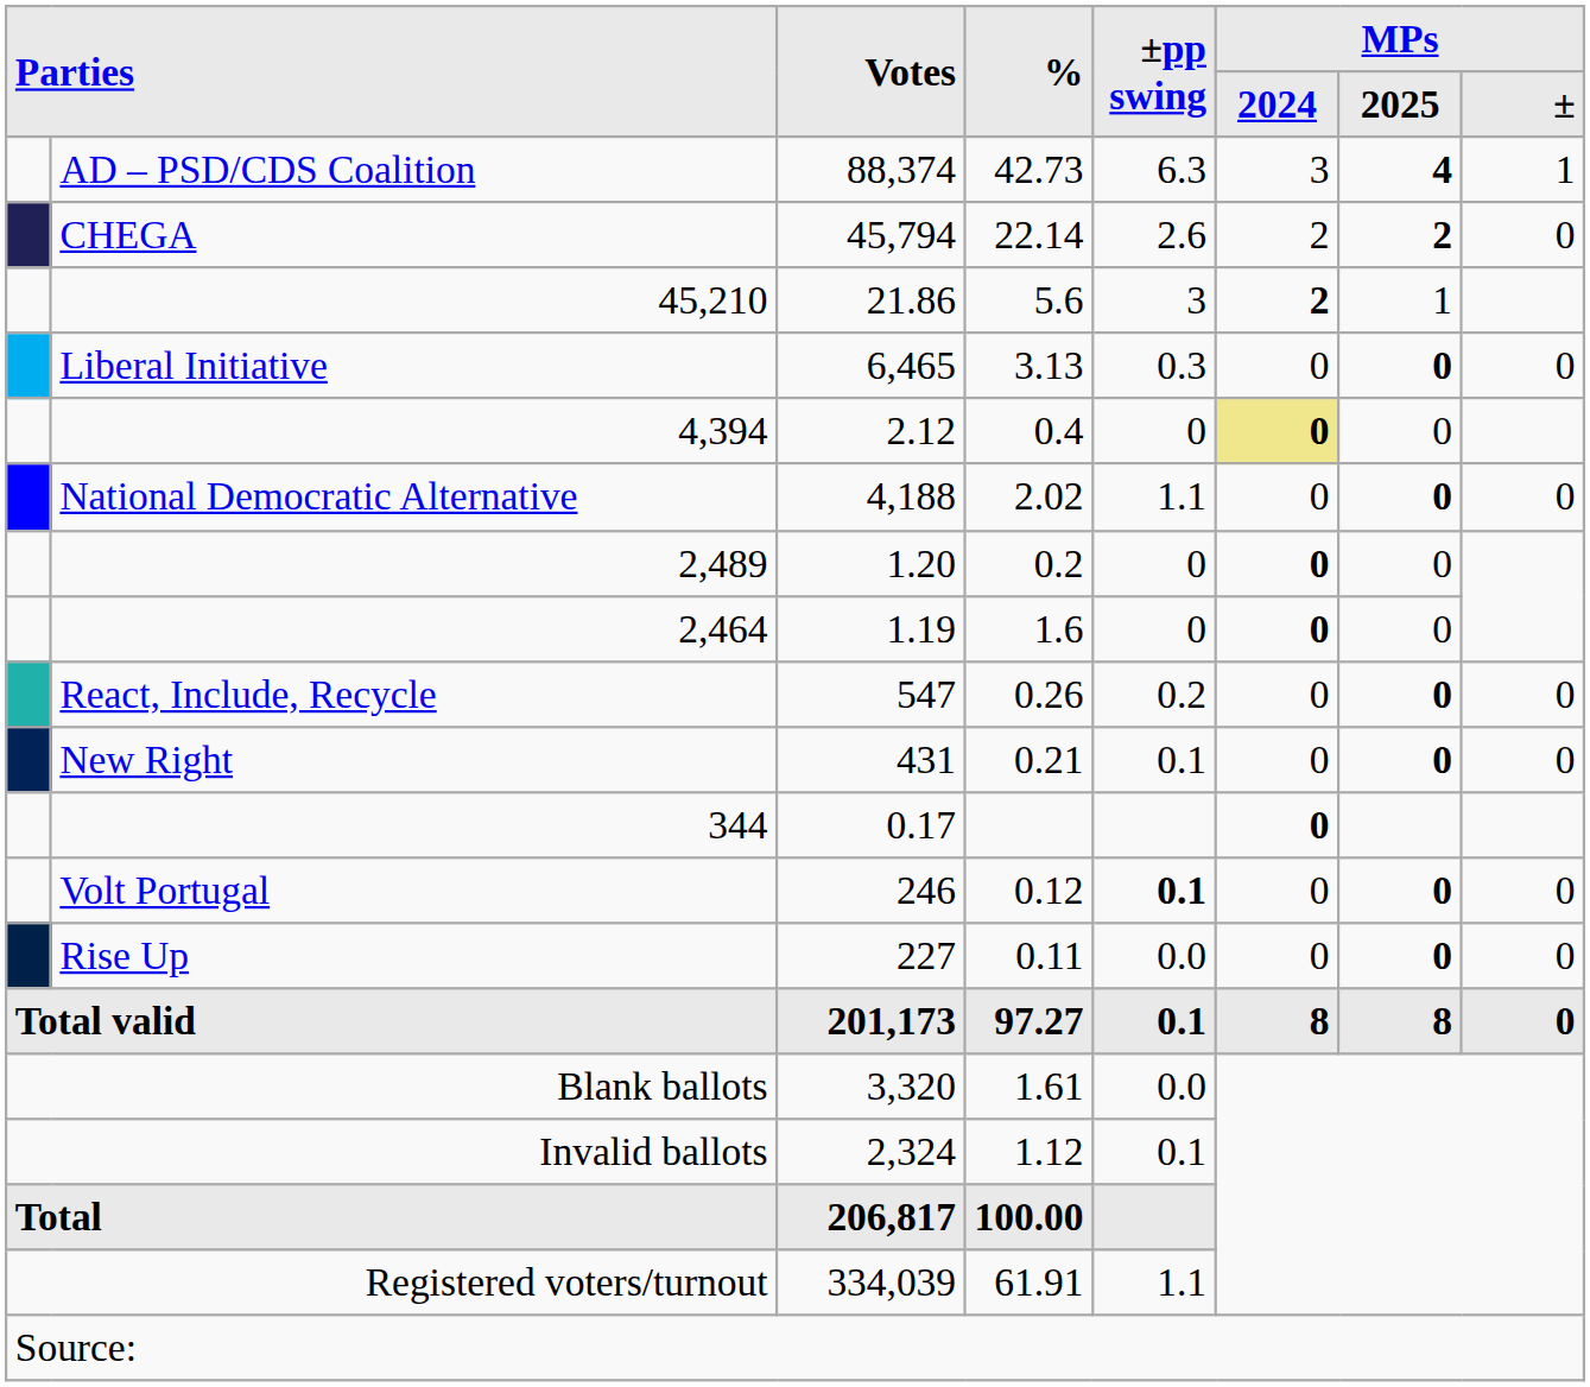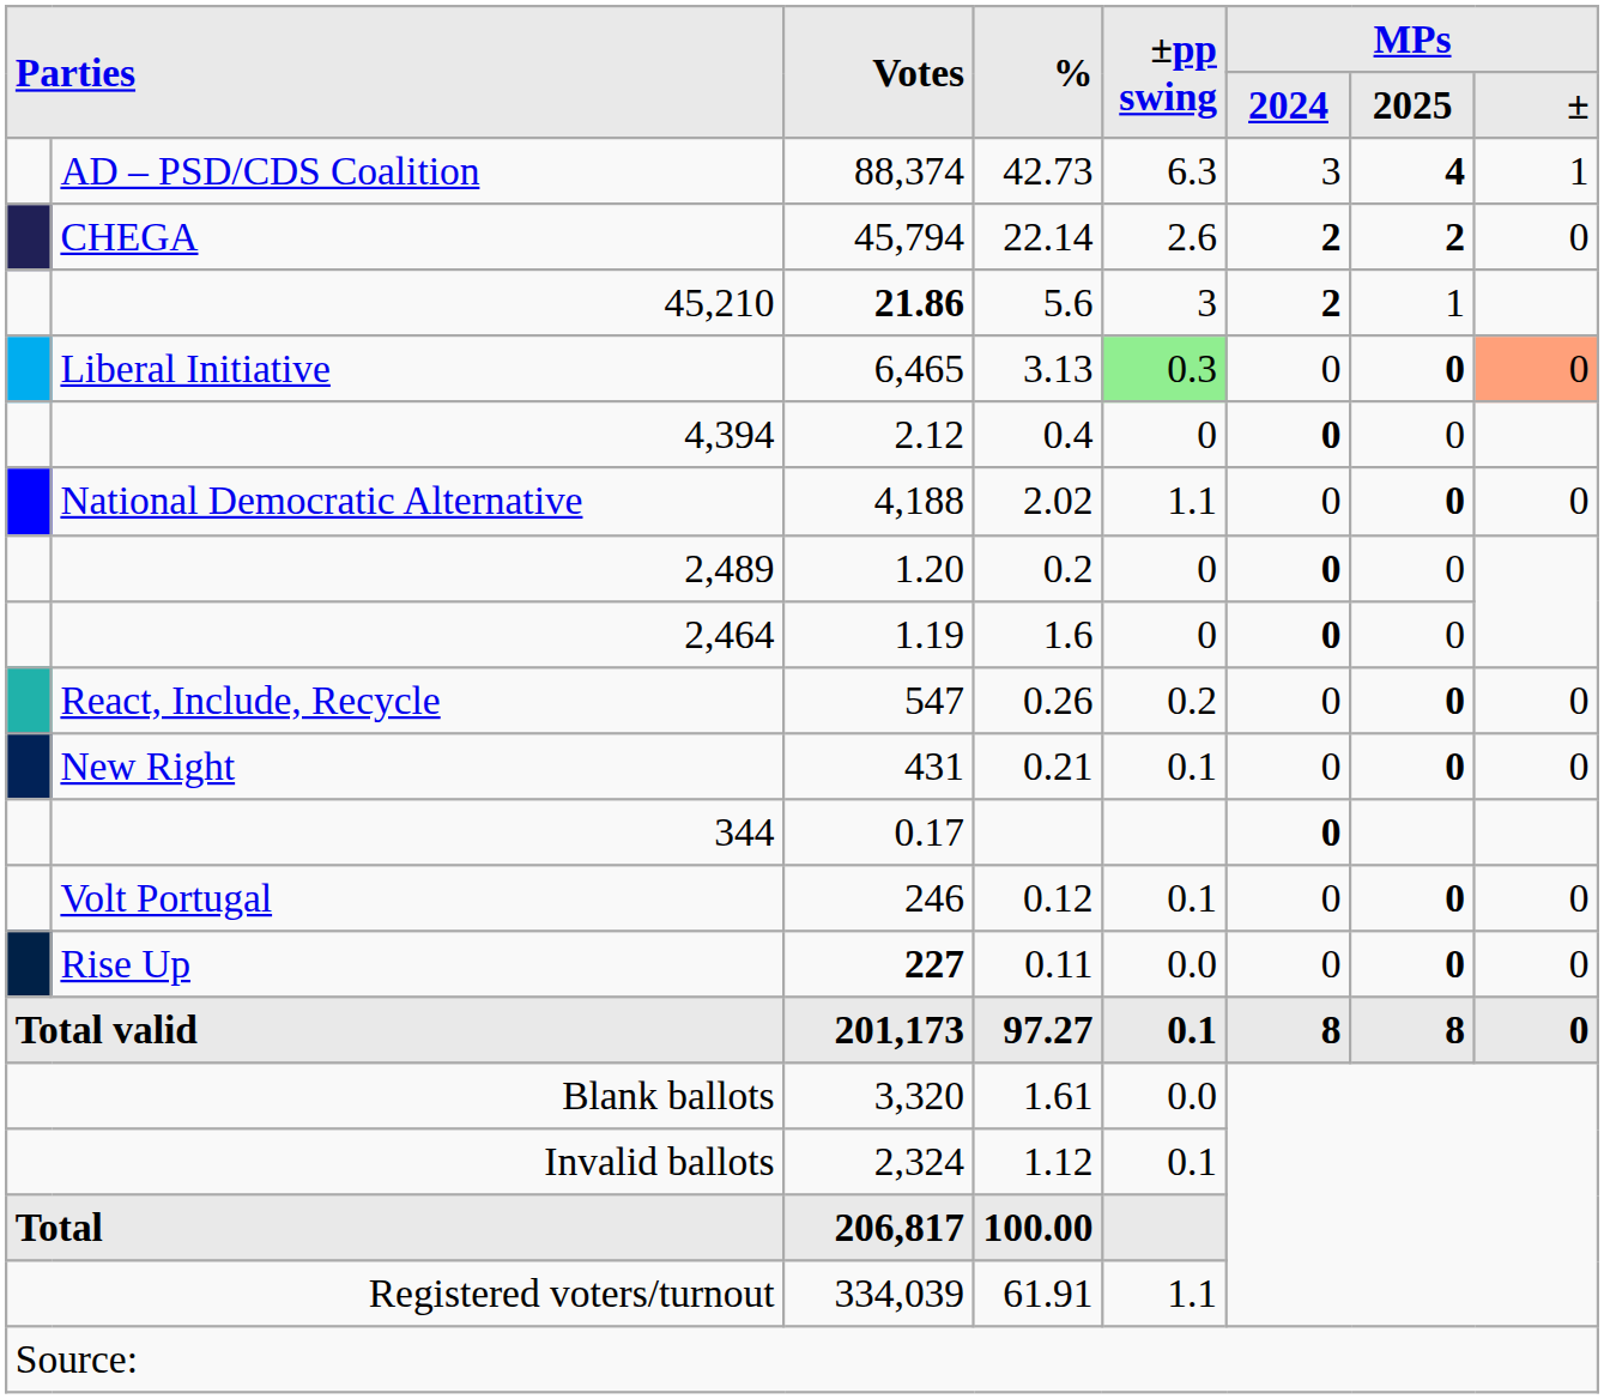 <table class="wikitable" style="text-align:right; font-size:95%;">
 <tr>
 <th rowspan="2" colspan="2" style="background:#e9e9e9; text-align:left;" alignleft><a href='#'>Parties</a></th>
 <th rowspan="2" style="background:#e9e9e9; text-align:right;">Votes</th>
 <th rowspan="2" style="background:#e9e9e9; text-align:right;">%</th>
 <th rowspan="2" style="background:#e9e9e9; text-align:right;">±<a href='#'>pp</a> <a href='#'>swing</a></th>
 <th colspan="3" style="background:#e9e9e9; text-align:center;"><a href='#'>MPs</a></th>
 </tr>
 <tr style="background-color:#E9E9E9">
 <th style="background-color:#E9E9E9;text-align:center;"><a href='#'>2024</a></th>
 <th style="background-color:#E9E9E9;text-align:center;">2025</th>
 <th style="background:#e9e9e9; text-align:right;">±</th>
 </tr>
 <tr>
 <td style="width: 10px" bgcolor=></td>
 <td align="left"><a href='#'>AD – PSD/CDS Coalition</a> </td>
 <td>88,374</td>
 <td>42.73</td>
 <td>6.3</td>
 <td>3</td>
 <td><strong>4</strong></td>
 <td>1</td>
 </tr>
 <tr>
 <td style="width: 10px" bgcolor="#202056" align="center"></td>
 <td align="left"><a href='#'>CHEGA</a></td>
 <td>45,794</td>
 <td>22.14</td>
 <td>2.6</td>
-<td>2</td>
+<td><strong>2</strong></td>
 <td><strong>2</strong></td>
 <td>0</td>
 </tr>
 <tr>
 <td></td>
 <td>45,210</td>
-<td>21.86</td>
+<td><strong>21.86</strong></td>
 <td>5.6</td>
 <td>3</td>
 <td><strong>2</strong></td>
 <td>1</td>
 </tr>
 <tr>
 <td style="width: 10px" bgcolor="#00ADEF" align="center"></td>
 <td align="left"><a href='#'>Liberal Initiative</a></td>
 <td>6,465</td>
 <td>3.13</td>
-<td>0.3</td>
+<td style="background: lightgreen;">0.3</td>
 <td>0</td>
 <td><strong>0</strong></td>
-<td>0</td>
+<td style="background: lightsalmon;">0</td>
 </tr>
 <tr>
 <td></td>
 <td>4,394</td>
 <td>2.12</td>
 <td>0.4</td>
 <td>0</td>
-<td style="background: khaki;"><strong>0</strong></td>
+<td><strong>0</strong></td>
 <td>0</td>
 </tr>
 <tr>
 <td style="width: 10px" bgcolor="blue" align="center"></td>
 <td align="left"><a href='#'>National Democratic Alternative</a></td>
 <td>4,188</td>
 <td>2.02</td>
 <td>1.1</td>
 <td>0</td>
 <td><strong>0</strong></td>
 <td>0</td>
 </tr>
 <tr>
 <td></td>
 <td>2,489</td>
 <td>1.20</td>
 <td>0.2</td>
 <td>0</td>
 <td><strong>0</strong></td>
 <td>0</td>
 </tr>
 <tr>
 <td></td>
 <td>2,464</td>
 <td>1.19</td>
 <td>1.6</td>
 <td>0</td>
 <td><strong>0</strong></td>
 <td>0</td>
 </tr>
 <tr>
 <td style="width: 10px" bgcolor="LightSeaGreen" align="center"></td>
 <td align="left"><a href='#'>React, Include, Recycle</a></td>
 <td>547</td>
 <td>0.26</td>
 <td>0.2</td>
 <td>0</td>
 <td><strong>0</strong></td>
 <td>0</td>
 </tr>
 <tr>
 <td style="width: 10px" bgcolor="#012257" align="center"></td>
 <td align="left"><a href='#'>New Right</a></td>
 <td>431</td>
 <td>0.21</td>
 <td>0.1</td>
 <td>0</td>
 <td><strong>0</strong></td>
 <td>0</td>
 </tr>
 <tr>
 <td></td>
 <td>344</td>
 <td>0.17</td>
 <td></td>
 <td></td>
 <td><strong>0</strong></td>
 <td></td>
 </tr>
 <tr>
 <td style="width: 10px"></td>
 <td align="left"><a href='#'>Volt Portugal</a></td>
 <td>246</td>
 <td>0.12</td>
-<td><strong>0.1</strong></td>
+<td>0.1</td>
 <td>0</td>
 <td><strong>0</strong></td>
 <td>0</td>
 </tr>
 <tr>
 <td style="width: 10px" bgcolor="#002147" align="center"></td>
 <td align="left"><a href='#'>Rise Up</a></td>
-<td>227</td>
+<td><strong>227</strong></td>
 <td>0.11</td>
 <td>0.0</td>
 <td>0</td>
 <td><strong>0</strong></td>
 <td>0</td>
 </tr>
 <tr>
 <td colspan=2 width="288" align=left style="background-color:#E9E9E9"><strong>Total valid</strong></td>
 <td width="65" align="right" style="background-color:#E9E9E9"><strong>201,173</strong></td>
 <td width="40" align="right" style="background-color:#E9E9E9"><strong>97.27</strong></td>
 <td width="40" align="right" style="background-color:#E9E9E9"><strong>0.1</strong></td>
 <td width="40" align="right" style="background-color:#E9E9E9"><strong>8</strong></td>
 <td width="40" align="right" style="background-color:#E9E9E9"><strong>8</strong></td>
 <td width="40" align="right" style="background-color:#E9E9E9"><strong>0</strong></td>
 </tr>
 <tr>
 <td colspan=2>Blank ballots</td>
 <td>3,320</td>
 <td>1.61</td>
 <td>0.0</td>
 <td colspan=3 rowspan=4></td>
 </tr>
 <tr>
 <td colspan=2>Invalid ballots</td>
 <td>2,324</td>
 <td>1.12</td>
 <td>0.1</td>
 </tr>
 <tr>
 <td colspan=2 align=left style="background-color:#E9E9E9"><strong>Total</strong></td>
 <td width="50" align="right" style="background-color:#E9E9E9"><strong>206,817</strong></td>
 <td width="40" align="right" style="background-color:#E9E9E9"><strong>100.00</strong></td>
 <td width="40" align="right" style="background-color:#E9E9E9"></td>
 </tr>
 <tr>
 <td colspan=2>Registered voters/turnout</td>
 <td>334,039</td>
 <td>61.91</td>
 <td>1.1</td>
 </tr>
 <tr>
 <td colspan=8 align=left>Source: </td>
 </tr>
 </table>
